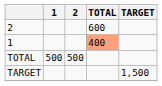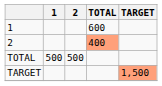 <table class="wikitable" style="margin:1em auto;">
 <tr>
 <th></th>
 <th>1</th>
 <th>2</th>
 <th>TOTAL</th>
 <th>TARGET</th>
 </tr>
 <tr>
-<td>2</td>
+<td>1</td>
 <td></td>
 <td></td>
 <td>600</td>
 <td></td>
 </tr>
 <tr>
-<td>1</td>
+<td>2</td>
 <td></td>
 <td></td>
 <td style="background: lightsalmon;">400</td>
 <td></td>
 </tr>
 <tr>
 <td>TOTAL</td>
 <td>500</td>
 <td>500</td>
 <td></td>
 <td></td>
 </tr>
 <tr>
 <td>TARGET</td>
 <td></td>
 <td></td>
 <td></td>
-<td>1,500</td>
+<td style="background: lightsalmon;">1,500</td>
 </tr>
 <tr>
 </tr>
 </table>
